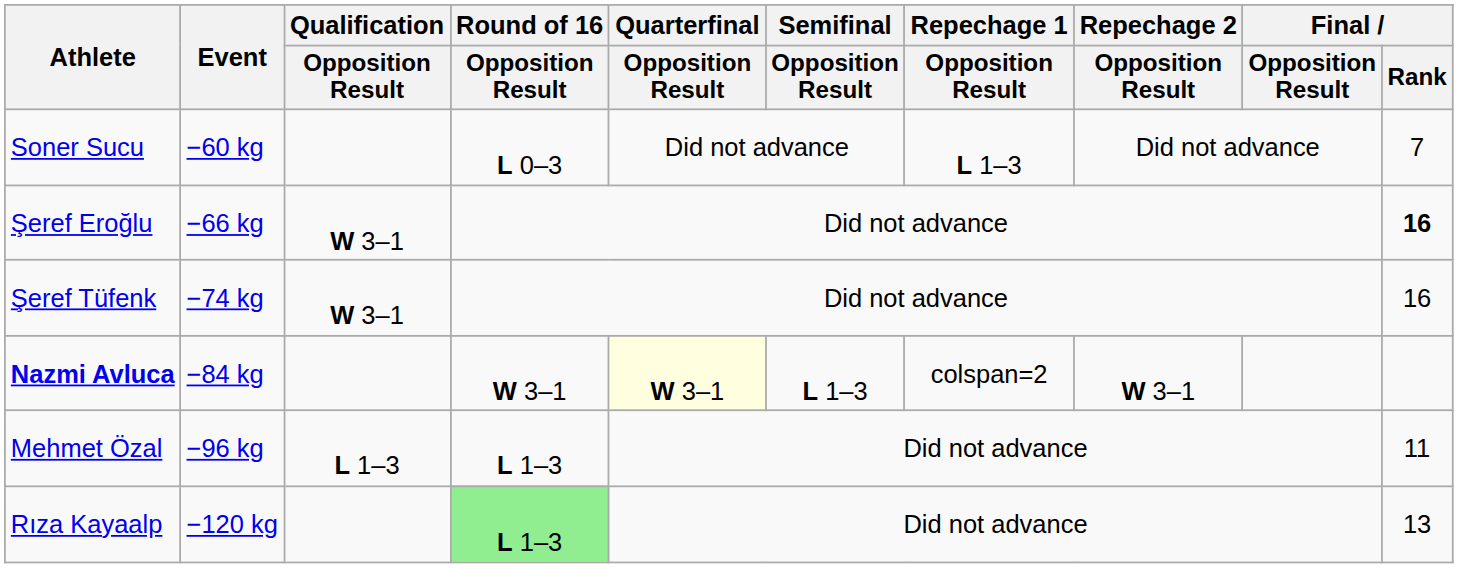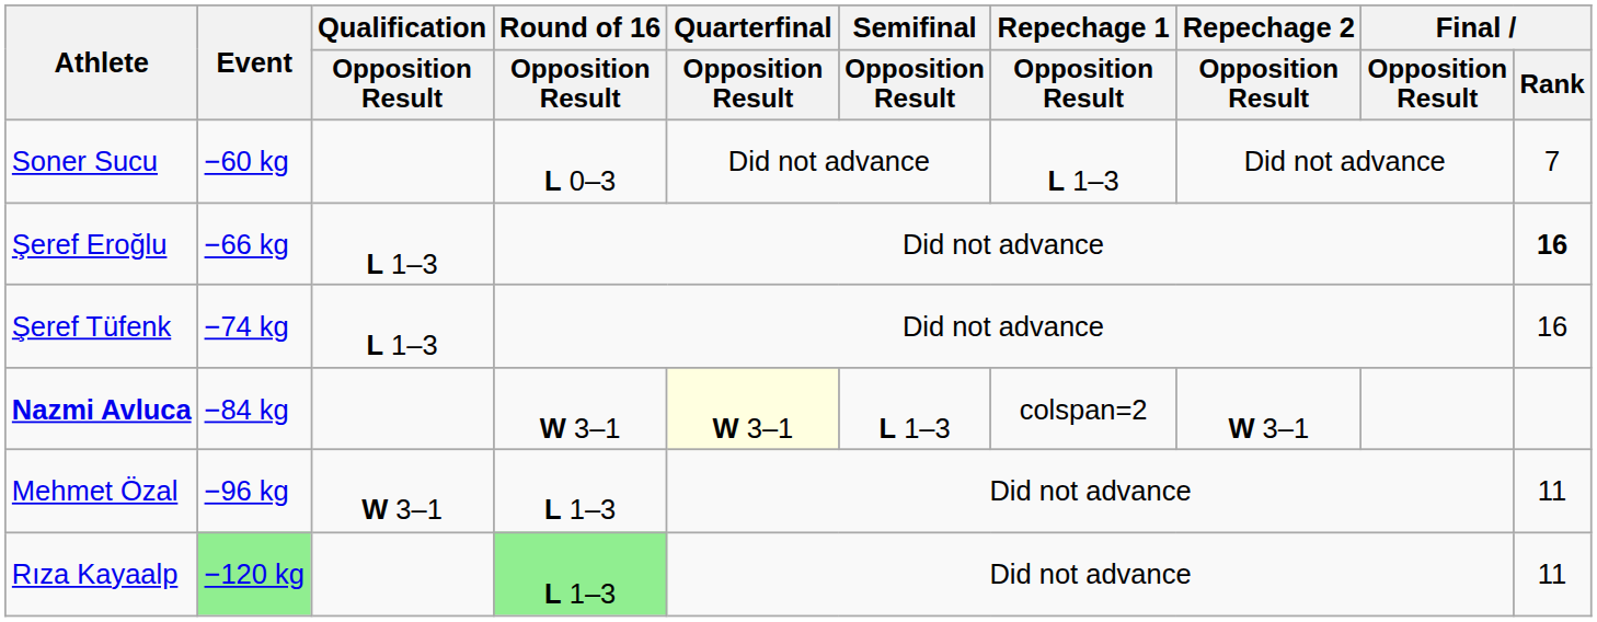 <table class="wikitable" style="font-size:90%">
 <tr>
 <th rowspan="2">Athlete</th>
 <th rowspan="2">Event</th>
 <th>Qualification</th>
 <th>Round of 16</th>
 <th>Quarterfinal</th>
 <th>Semifinal</th>
 <th>Repechage 1</th>
 <th>Repechage 2</th>
 <th colspan=2>Final / </th>
 </tr>
 <tr style="font-size: 95%">
 <th>Opposition<br>Result</th>
 <th>Opposition<br>Result</th>
 <th>Opposition<br>Result</th>
 <th>Opposition<br>Result</th>
 <th>Opposition<br>Result</th>
 <th>Opposition<br>Result</th>
 <th>Opposition<br>Result</th>
 <th>Rank</th>
 </tr>
 <tr align=center>
 <td align=left><a href='#'>Soner Sucu</a></td>
 <td align=left><a href='#'>−60 kg</a></td>
 <td></td>
 <td> <br> <strong>L</strong> 0–3 <sup></sup></td>
 <td colspan=2>Did not advance</td>
 <td> <br> <strong>L</strong> 1–3 <sup></sup></td>
 <td colspan=2>Did not advance</td>
 <td>7</td>
 </tr>
 <tr align=center>
 <td align=left><a href='#'>Şeref Eroğlu</a></td>
 <td align=left><a href='#'>−66 kg</a></td>
-<td> <br> <strong>W</strong> 3–1 <sup></sup></td>
+<td> <br> <strong>L</strong> 1–3 <sup></sup></td>
 <td colspan=6>Did not advance</td>
 <td><strong>16</strong></td>
 </tr>
 <tr align=center>
 <td align=left><a href='#'>Şeref Tüfenk</a></td>
 <td align=left><a href='#'>−74 kg</a></td>
-<td> <br> <strong>W</strong> 3–1 <sup></sup></td>
+<td> <br> <strong>L</strong> 1–3 <sup></sup></td>
 <td colspan=6>Did not advance</td>
 <td>16</td>
 </tr>
 <tr align=center>
 <td align=left><strong><a href='#'>Nazmi Avluca</a></strong></td>
 <td align=left><a href='#'>−84 kg</a></td>
 <td></td>
 <td> <br> <strong>W</strong> 3–1 <sup></sup></td>
 <td style="background: lightyellow;"> <br> <strong>W</strong> 3–1 <sup></sup></td>
 <td> <br> <strong>L</strong> 1–3 <sup></sup></td>
 <td>colspan=2 </td>
 <td> <br> <strong>W</strong> 3–1 <sup></sup></td>
 <td></td>
 </tr>
 <tr align=center>
 <td align=left><a href='#'>Mehmet Özal</a></td>
 <td align=left><a href='#'>−96 kg</a></td>
-<td> <br> <strong>L</strong> 1–3 <sup></sup></td>
+<td> <br> <strong>W</strong> 3–1 <sup></sup></td>
 <td> <br> <strong>L</strong> 1–3 <sup></sup></td>
 <td colspan=5>Did not advance</td>
 <td>11</td>
 </tr>
 <tr align=center>
 <td align=left><a href='#'>Rıza Kayaalp</a></td>
-<td align=left><a href='#'>−120 kg</a></td>
+<td align=left style="background: lightgreen;"><a href='#'>−120 kg</a></td>
 <td></td>
 <td style="background: lightgreen;"> <br> <strong>L</strong> 1–3 <sup></sup></td>
 <td colspan=5>Did not advance</td>
-<td>13</td>
+<td>11</td>
 </tr>
 </table>
